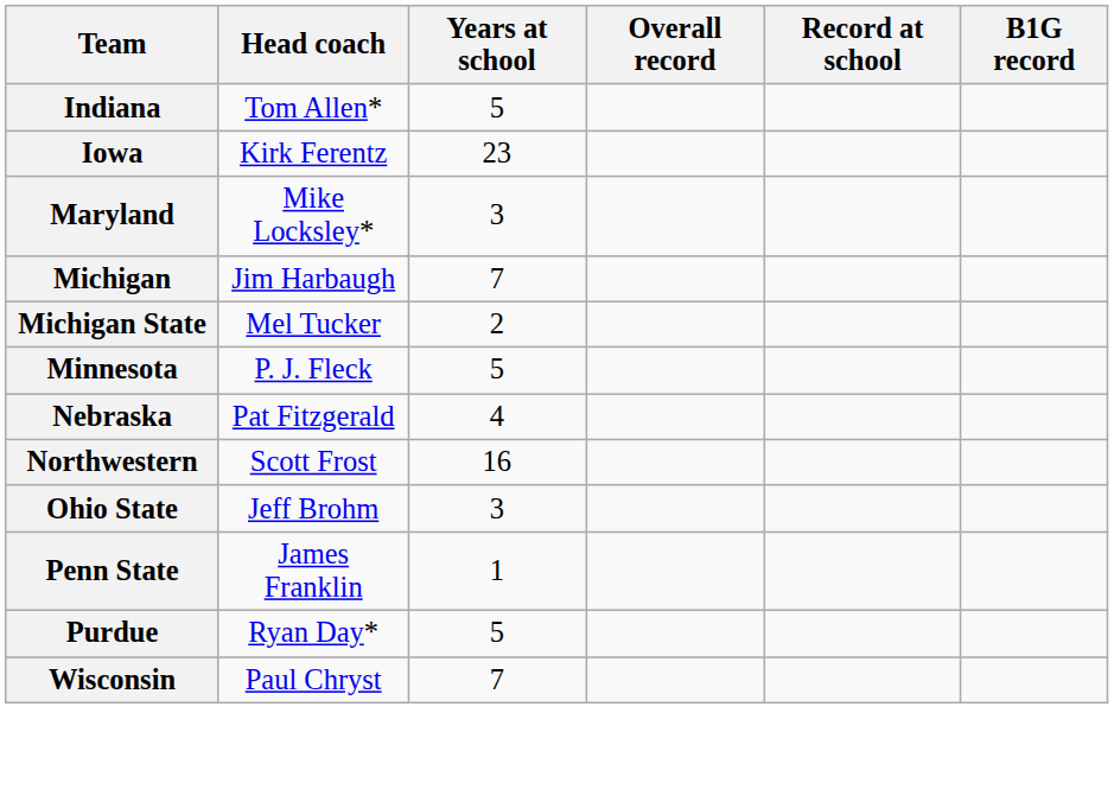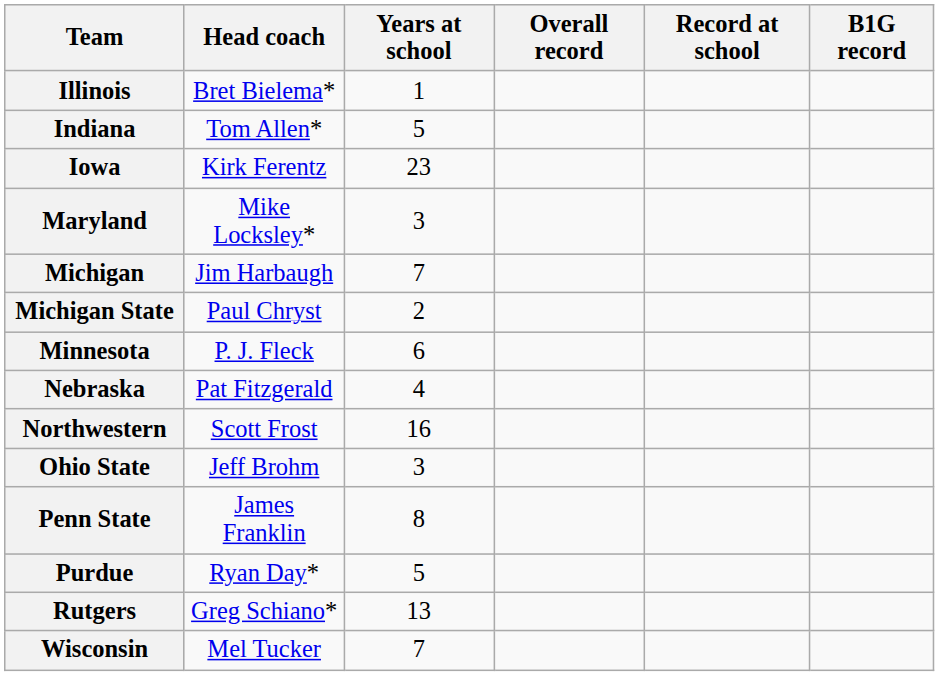 <table class="wikitable sortable" style="text-align: center;">
 <tr>
 <th width="110">Team</th>
 <th>Head coach</th>
 <th>Years at school</th>
 <th>Overall record</th>
 <th>Record at school</th>
 <th>B1G record</th>
+</tr>
+<tr>
+<th>Illinois</th>
+<td><a href='#'>Bret Bielema</a>*</td>
+<td>1</td>
+<td data-sort-value=></td>
+<td data-sort-value=></td>
+<td data-sort-value=></td>
 </tr>
 <tr>
 <th>Indiana</th>
 <td><a href='#'>Tom Allen</a>*</td>
 <td>5</td>
 <td data-sort-value=></td>
 <td data-sort-value=></td>
 <td data-sort-value=></td>
 </tr>
 <tr>
 <th>Iowa</th>
 <td><a href='#'>Kirk Ferentz</a></td>
 <td>23</td>
 <td data-sort-value=></td>
 <td data-sort-value=></td>
 <td data-sort-value=></td>
 </tr>
 <tr>
 <th>Maryland</th>
 <td><a href='#'>Mike Locksley</a>*</td>
 <td>3</td>
 <td data-sort-value=></td>
 <td data-sort-value=></td>
 <td data-sort-value=></td>
 </tr>
 <tr>
 <th>Michigan</th>
 <td><a href='#'>Jim Harbaugh</a></td>
 <td>7</td>
 <td data-sort-value=></td>
 <td data-sort-value=></td>
 <td data-sort-value=></td>
 </tr>
 <tr>
 <th>Michigan State</th>
-<td><a href='#'>Mel Tucker</a></td>
+<td><a href='#'>Paul Chryst</a></td>
 <td>2</td>
 <td data-sort-value=></td>
 <td data-sort-value=></td>
 <td data-sort-value=></td>
 </tr>
 <tr>
 <th>Minnesota</th>
 <td><a href='#'>P. J. Fleck</a></td>
-<td>5</td>
+<td>6</td>
 <td data-sort-value=></td>
 <td data-sort-value=></td>
 <td data-sort-value=></td>
 </tr>
 <tr>
 <th>Nebraska</th>
 <td><a href='#'>Pat Fitzgerald</a></td>
 <td>4</td>
 <td data-sort-value=></td>
 <td data-sort-value=></td>
 <td data-sort-value=></td>
 </tr>
 <tr>
 <th>Northwestern</th>
 <td><a href='#'>Scott Frost</a></td>
 <td>16</td>
 <td data-sort-value=></td>
 <td data-sort-value=></td>
 <td data-sort-value=></td>
 </tr>
 <tr>
 <th>Ohio State</th>
 <td><a href='#'>Jeff Brohm</a></td>
 <td>3</td>
 <td data-sort-value=></td>
 <td data-sort-value=></td>
 <td data-sort-value=></td>
 </tr>
 <tr>
 <th>Penn State</th>
 <td><a href='#'>James Franklin</a></td>
-<td>1</td>
+<td>8</td>
 <td data-sort-value=></td>
 <td data-sort-value=></td>
 <td data-sort-value=></td>
 </tr>
 <tr>
 <th>Purdue</th>
 <td><a href='#'>Ryan Day</a>*</td>
 <td>5</td>
 <td data-sort-value=></td>
 <td data-sort-value=></td>
 <td data-sort-value=></td>
 </tr>
 <tr>
+<th>Rutgers</th>
+<td><a href='#'>Greg Schiano</a>*</td>
+<td>13</td>
+<td data-sort-value=></td>
+<td data-sort-value=></td>
+<td data-sort-value=></td>
+</tr>
+<tr>
 <th>Wisconsin</th>
-<td><a href='#'>Paul Chryst</a></td>
+<td><a href='#'>Mel Tucker</a></td>
 <td>7</td>
 <td data-sort-value=></td>
 <td data-sort-value=></td>
 <td data-sort-value=></td>
 </tr>
 </table>
